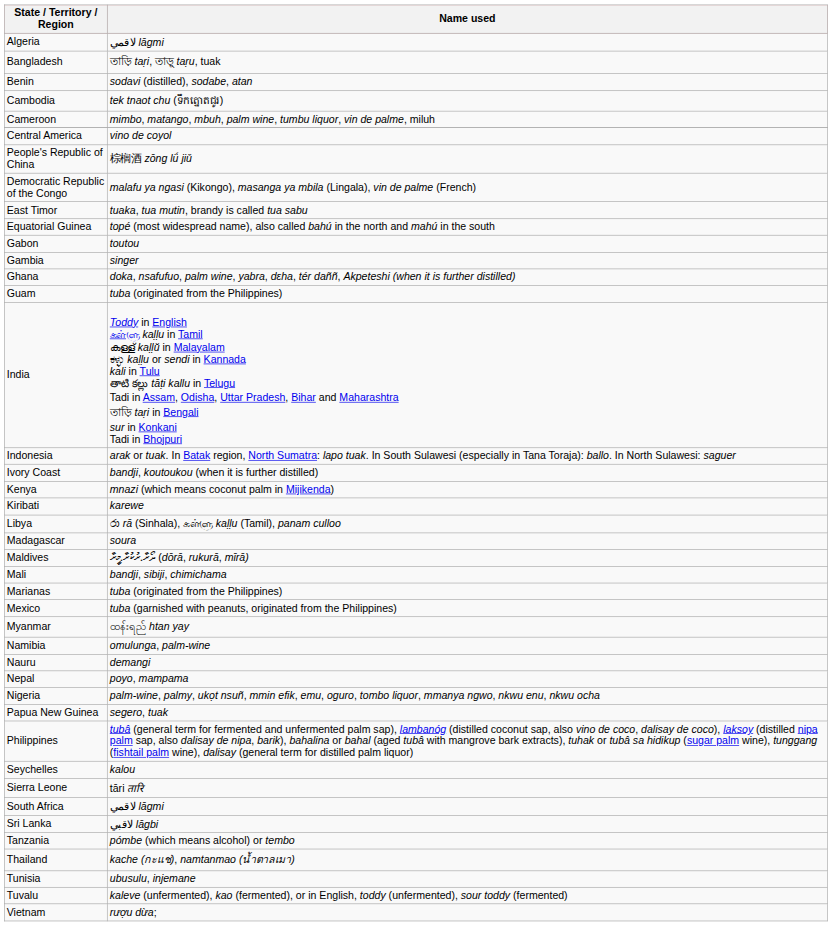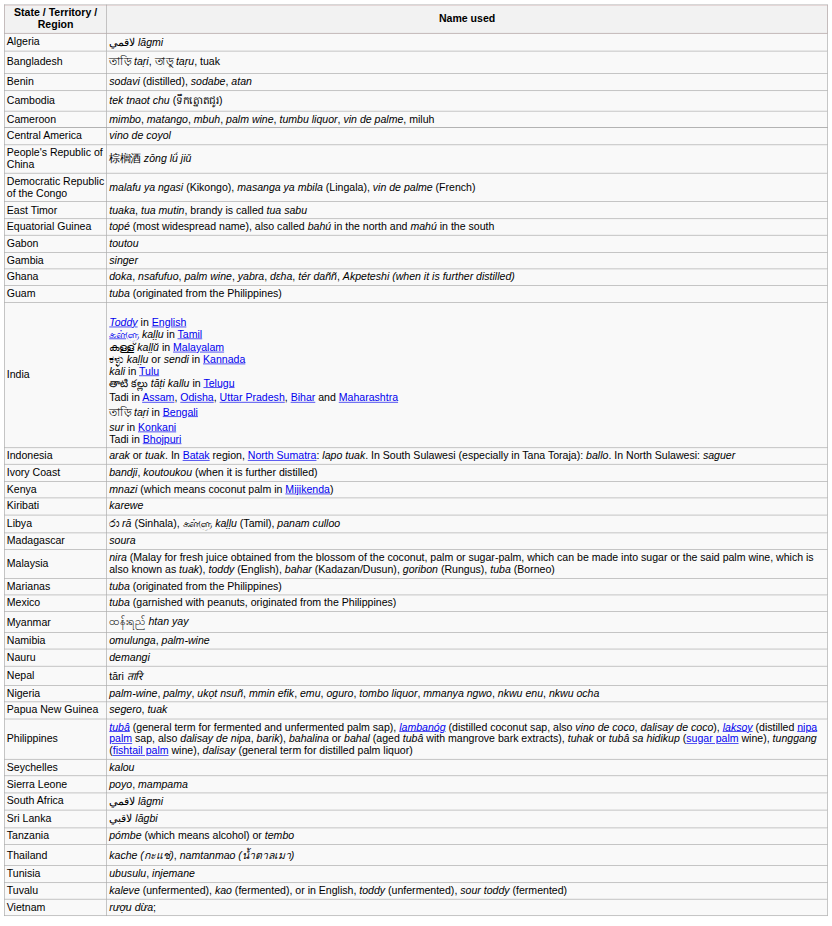 <table style="float:left;"  class="wikitable">
 <tr style="background:#f99;">
 <th>State / Territory / Region</th>
 <th>Name used</th>
 </tr>
 <tr>
 <td>Algeria</td>
 <td>لاقمي <em>lāgmi</em></td>
 </tr>
 <tr>
 <td>Bangladesh</td>
 <td>তাড়ি <em>taṛi</em>, তাড়ু <em>taṛu</em>, tuak</td>
 </tr>
 <tr>
 <td>Benin</td>
 <td><em>sodavi</em> (distilled), <em>sodabe</em>, <em>atan</em></td>
 </tr>
 <tr>
 <td>Cambodia</td>
 <td><em>tek tnaot chu</em> (ទឹកត្នោតជូរ)</td>
 </tr>
 <tr>
 <td>Cameroon</td>
 <td><em>mimbo</em>, <em>matango</em>, <em>mbuh</em>, <em>palm wine</em>, <em>tumbu liquor</em>, <em>vin de palme</em>, miluh</td>
 </tr>
 <tr>
 </tr>
 <tr>
 <td>Central America</td>
 <td><em>vino de coyol</em></td>
 </tr>
 <tr>
 <td>People's Republic of China</td>
 <td>棕榈酒 <em>zōng lǘ jiǔ</em></td>
 </tr>
 <tr>
 <td>Democratic Republic of the Congo</td>
 <td><em>malafu ya ngasi</em> (Kikongo), <em>masanga ya mbila</em> (Lingala), <em>vin de palme</em> (French)</td>
 </tr>
 <tr>
 <td>East Timor</td>
 <td><em>tuaka</em>, <em>tua mutin</em>, brandy is called <em>tua sabu</em></td>
 </tr>
 <tr>
 <td>Equatorial Guinea</td>
 <td><em>topé</em> (most widespread name), also called <em>bahú</em> in the north and <em>mahú</em> in the south</td>
 </tr>
 <tr>
 <td>Gabon</td>
 <td><em>toutou</em></td>
 </tr>
 <tr>
 <td>Gambia</td>
 <td><em>singer</em></td>
 </tr>
 <tr>
 <td>Ghana</td>
 <td><em>doka</em>, <em>nsafufuo</em>, <em>palm wine</em>, <em>yabra</em>, <em>dεha</em>, <em>tér daññ</em>, <em>Akpeteshi (when it is further distilled)</em></td>
 </tr>
 <tr>
 <td>Guam</td>
 <td><em>tuba</em> (originated from the Philippines)</td>
 </tr>
 <tr>
 <td>India</td>
 <td><br><em><a href='#'>Toddy</a></em> in <a href='#'>English</a> <br> <a href='#'>கள்ளு</a> <em>kaḷḷu</em> in <a href='#'>Tamil</a> <br> കള്ള് <em>kaḷḷŭ</em> in <a href='#'>Malayalam</a> <br> ಕಳ್ಳು <em>kaḷḷu</em> or <em>sendi</em> in <a href='#'>Kannada</a> <br> <em>kali</em> in <a href='#'>Tulu</a> <br> తాటి కల్లు <em>tāṭi kallu</em> in <a href='#'>Telugu</a> <br> Tadi in <a href='#'>Assam</a>, <a href='#'>Odisha</a>, <a href='#'>Uttar Pradesh</a>, <a href='#'>Bihar</a> and <a href='#'>Maharashtra</a> <br> তাড়ি <em>taṛi</em> in <a href='#'>Bengali</a> <br> <em>sur</em> in <a href='#'>Konkani</a> <br>Tadi in <a href='#'>Bhojpuri</a></td>
 </tr>
 <tr>
 <td>Indonesia</td>
 <td><em>arak</em> or <em>tuak</em>. In <a href='#'>Batak</a> region, <a href='#'>North Sumatra</a>: <em>lapo tuak</em>. In South Sulawesi (especially in Tana Toraja): <em>ballo</em>. In North Sulawesi: <em>saguer</em></td>
 </tr>
 <tr>
 <td>Ivory Coast</td>
 <td><em>bandji</em>, <em>koutoukou</em> (when it is further distilled)</td>
 </tr>
 <tr>
 <td>Kenya</td>
 <td><em>mnazi</em> (which means coconut palm in <a href='#'>Mijikenda</a>)</td>
 </tr>
 <tr>
 <td>Kiribati</td>
 <td><em>karewe</em></td>
 </tr>
 <tr>
 <td>Libya</td>
 <td>රා <em>rā</em> (Sinhala), கள்ளு <em>kaḷḷu</em> (Tamil), <em>panam culloo</em></td>
 </tr>
 <tr>
 <td>Madagascar</td>
 <td><em>soura</em></td>
 </tr>
 <tr>
-<td>Maldives</td>
-<td>ދޯރާ،ރުކުރާ،މީރާ (<em>dōrā</em>, <em>rukurā</em>, <em>mīrā)</em></td>
-</tr>
-<tr>
-<td>Mali</td>
-<td><em>bandji</em>, <em>sibiji</em>, <em>chimichama</em></td>
+<td>Malaysia</td>
+<td><em>nira</em> (Malay for fresh juice obtained from the blossom of the coconut, palm or sugar-palm, which can be made into sugar or the said palm wine, which is also known as <em>tuak</em>), <em>toddy</em> (English), <em>bahar</em> (Kadazan/Dusun), <em>goribon</em> (Rungus), <em>tuba</em> (Borneo)</td>
 </tr>
 <tr>
 <td>Marianas</td>
 <td><em>tuba</em> (originated from the Philippines)</td>
 </tr>
 <tr>
 <td>Mexico</td>
 <td><em>tuba</em> (garnished with peanuts, originated from the Philippines)</td>
 </tr>
 <tr>
 <td>Myanmar</td>
 <td>ထန်းရည် <em>htan yay</em></td>
 </tr>
 <tr>
 <td>Namibia</td>
 <td><em>omulunga</em>, <em>palm-wine</em></td>
 </tr>
 <tr>
 <td>Nauru</td>
 <td><em>demangi</em></td>
 </tr>
 <tr>
 <td>Nepal</td>
-<td><em>poyo</em>, <em>mampama</em></td>
+<td>tāri <em>तारि</em></td>
 </tr>
 <tr>
 <td>Nigeria</td>
 <td><em>palm-wine</em>, <em>palmy</em>, <em>ukọt nsuñ</em>, <em>mmin efik</em>, <em>emu</em>, <em>oguro</em>, <em>tombo liquor</em>, <em>mmanya ngwo</em>, <em>nkwu enu</em>, <em>nkwu ocha</em></td>
 </tr>
 <tr>
 <td>Papua New Guinea</td>
 <td><em>segero</em>, <em>tuak</em></td>
 </tr>
 <tr>
 <td>Philippines</td>
 <td><em><a href='#'>tubâ</a></em> (general term for fermented and unfermented palm sap), <em><a href='#'>lambanóg</a></em> (distilled coconut sap, also <em>vino de coco</em>, <em>dalisay de coco</em>), <em><a href='#'>laksoy</a></em> (distilled <a href='#'>nipa palm</a> sap, also <em>dalisay de nipa</em>, <em>barik</em>), <em>bahalina</em> or <em>bahal</em> (aged <em>tubâ</em> with mangrove bark extracts), <em>tuhak</em> or <em>tubâ sa hidikup</em> (<a href='#'>sugar palm</a> wine), <em>tunggang</em> (<a href='#'>fishtail palm</a> wine), <em>dalisay</em> (general term for distilled palm liquor)</td>
 </tr>
 <tr>
 <td>Seychelles</td>
 <td><em>kalou</em></td>
 </tr>
 <tr>
 <td>Sierra Leone</td>
-<td>tāri <em>तारि</em></td>
+<td><em>poyo</em>, <em>mampama</em></td>
 </tr>
 <tr>
 <td>South Africa</td>
 <td>لاقمي <em>lāgmi</em></td>
 </tr>
 <tr>
 <td>Sri Lanka</td>
 <td>لاقبي <em>lāgbi</em> </td>
 </tr>
 <tr>
 <td>Tanzania</td>
 <td><em>pómbe</em> (which means alcohol) or <em>tembo</em></td>
 </tr>
 <tr>
 <td>Thailand</td>
 <td><em>kache (กะแช่)</em>, <em>namtanmao (น้ำตาลเมา)</em></td>
 </tr>
 <tr>
 <td>Tunisia</td>
 <td><em>ubusulu</em>, <em>injemane</em></td>
 </tr>
 <tr>
 <td>Tuvalu</td>
 <td><em>kaleve</em> (unfermented), <em>kao</em> (fermented), or in English, <em>toddy</em> (unfermented), <em>sour toddy</em> (fermented)</td>
 </tr>
 <tr>
 <td>Vietnam</td>
 <td><em>rượu dừa</em>;</td>
 </tr>
 </table>
